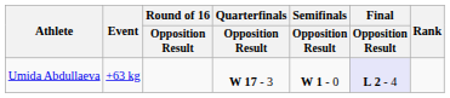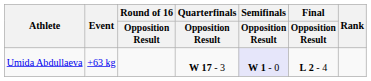 <table class="wikitable" style="font-size:90%;">
 <tr>
 <th rowspan=2>Athlete</th>
 <th rowspan=2>Event</th>
 <th>Round of 16</th>
 <th>Quarterfinals</th>
 <th>Semifinals</th>
 <th>Final</th>
 <th rowspan=2>Rank</th>
 </tr>
 <tr style="font-size:95%">
 <th>Opposition<br>Result</th>
 <th>Opposition<br>Result</th>
 <th>Opposition<br>Result</th>
 <th>Opposition<br>Result</th>
 </tr>
 <tr align=center>
 <td align=left><a href='#'>Umida Abdullaeva</a></td>
 <td align=left><a href='#'>+63 kg</a></td>
 <td></td>
 <td><br><strong>W</strong> <strong>17</strong> - 3</td>
-<td><br><strong>W</strong> <strong>1</strong> - 0</td>
-<td style="background: lavender;"><br><strong>L</strong> <strong>2</strong> - 4</td>
+<td style="background: lavender;"><br><strong>W</strong> <strong>1</strong> - 0</td>
+<td><br><strong>L</strong> <strong>2</strong> - 4</td>
 <td></td>
 </tr>
 </table>
